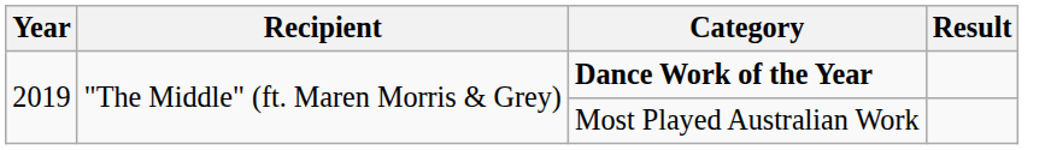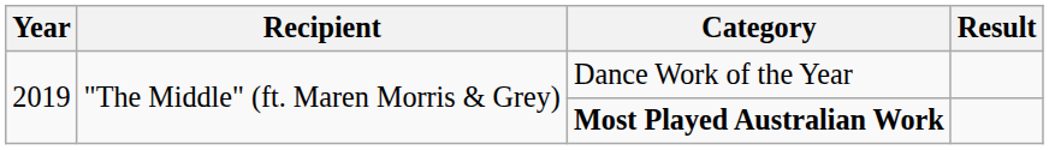 <table class="wikitable">
 <tr>
 <th>Year</th>
 <th>Recipient</th>
 <th>Category</th>
 <th>Result</th>
 </tr>
 <tr>
 <td rowspan="2">2019</td>
 <td rowspan="2">"The Middle" (ft. Maren Morris & Grey)</td>
-<td><strong>Dance Work of the Year</strong></td>
+<td>Dance Work of the Year</td>
 <td></td>
 </tr>
 <tr>
-<td>Most Played Australian Work</td>
+<td><strong>Most Played Australian Work</strong></td>
 <td></td>
 </tr>
 </table>
